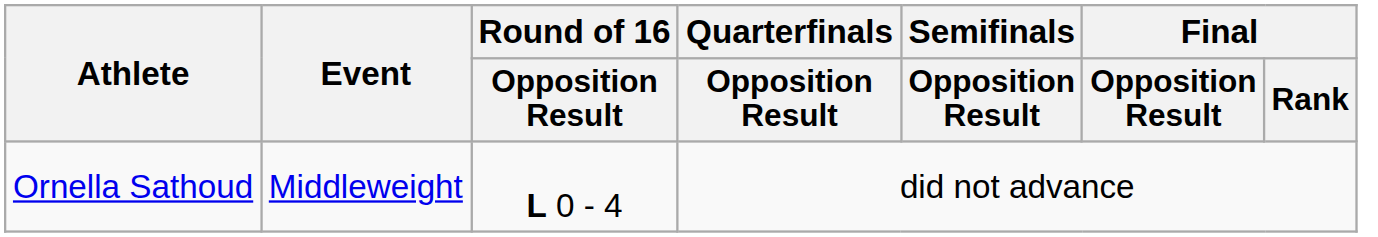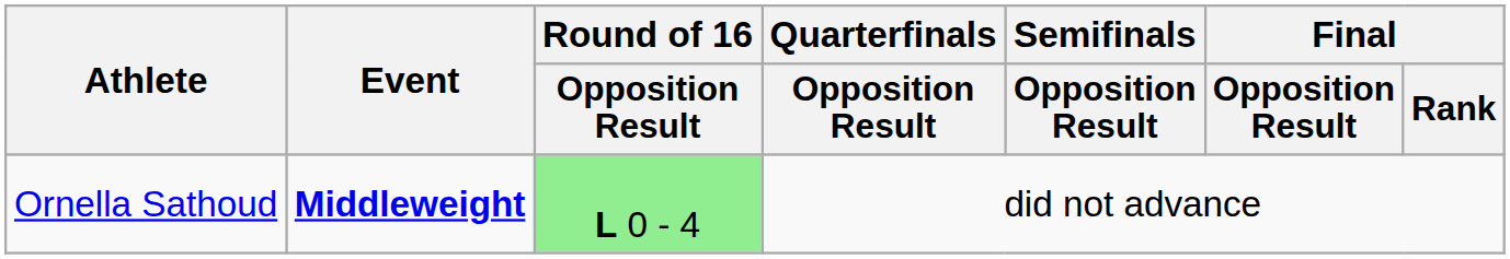 <table class="wikitable" style="font-size:90%; text-align:center">
 <tr>
 <th rowspan=2>Athlete</th>
 <th rowspan=2>Event</th>
 <th>Round of 16</th>
 <th>Quarterfinals</th>
 <th>Semifinals</th>
 <th colspan=2>Final</th>
 </tr>
 <tr style="font-size:95%">
 <th>Opposition<br>Result</th>
 <th>Opposition<br>Result</th>
 <th>Opposition<br>Result</th>
 <th>Opposition<br>Result</th>
 <th>Rank</th>
 </tr>
 <tr>
 <td align=left><a href='#'>Ornella Sathoud</a></td>
-<td align=left><a href='#'>Middleweight</a></td>
-<td><br><strong>L</strong> 0 - 4</td>
+<td align=left><strong><a href='#'>Middleweight</a></strong></td>
+<td style="background: lightgreen;"><br><strong>L</strong> 0 - 4</td>
 <td colspan=4>did not advance</td>
 </tr>
 </table>
